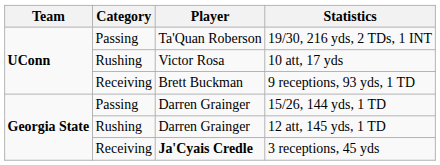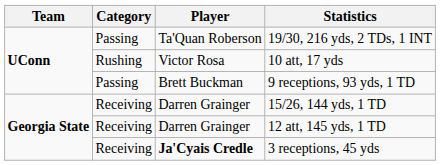 <table class="wikitable" style="float: right;">
 <tr>
 <th>Team</th>
 <th>Category</th>
 <th>Player</th>
 <th>Statistics</th>
 </tr>
 <tr>
 <td rowspan=3><strong>UConn</strong></td>
 <td>Passing</td>
 <td>Ta'Quan Roberson</td>
 <td>19/30, 216 yds, 2 TDs, 1 INT</td>
 </tr>
 <tr>
 <td>Rushing</td>
 <td>Victor Rosa</td>
 <td>10 att, 17 yds</td>
 </tr>
 <tr>
-<td>Receiving</td>
+<td>Passing</td>
 <td>Brett Buckman</td>
 <td>9 receptions, 93 yds, 1 TD</td>
 </tr>
 <tr>
 <td rowspan=3><strong>Georgia State</strong></td>
-<td>Passing</td>
+<td>Receiving</td>
 <td>Darren Grainger</td>
 <td>15/26, 144 yds, 1 TD</td>
 </tr>
 <tr>
-<td>Rushing</td>
+<td>Receiving</td>
 <td>Darren Grainger</td>
 <td>12 att, 145 yds, 1 TD</td>
 </tr>
 <tr>
 <td>Receiving</td>
 <td><strong>Ja'Cyais Credle</strong></td>
 <td>3 receptions, 45 yds</td>
 </tr>
 </table>
